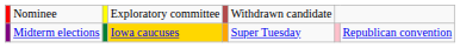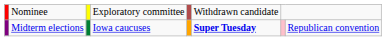 <table class="wikitable">
 <tr>
 <td style="background:#f00;"></td>
 <td>Nominee</td>
 <td style="background:#ff0;"></td>
 <td>Exploratory committee</td>
 <td style="background:#B24C4C;"></td>
 <td>Withdrawn candidate</td>
 </tr>
 <tr>
 <td style="background:purple;"></td>
 <td><a href='#'>Midterm elections</a></td>
 <td style="background:#007f33;"></td>
-<td style="background: gold;"><a href='#'>Iowa caucuses</a></td>
+<td><a href='#'>Iowa caucuses</a></td>
 <td style="background:orange"></td>
-<td><a href='#'>Super Tuesday</a></td>
+<td><strong><a href='#'>Super Tuesday</a></strong></td>
 <td style="background:pink;"></td>
 <td><a href='#'>Republican convention</a></td>
 </tr>
 </table>
